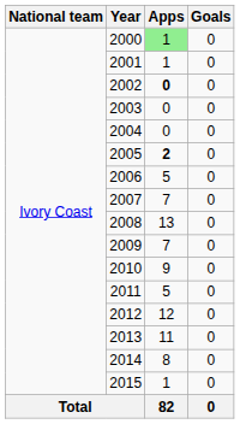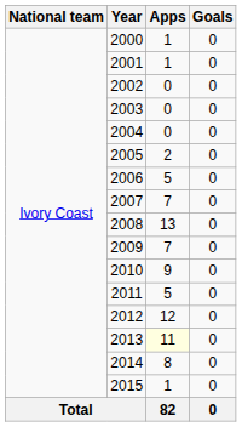 <table class="wikitable" style="text-align:center">
 <tr>
 <th>National team</th>
 <th>Year</th>
 <th>Apps</th>
 <th>Goals</th>
 </tr>
 <tr>
 <td rowspan="16"><a href='#'>Ivory Coast</a></td>
 <td>2000</td>
-<td style="background: lightgreen;">1</td>
+<td>1</td>
 <td>0</td>
 </tr>
 <tr>
 <td>2001</td>
 <td>1</td>
 <td>0</td>
 </tr>
 <tr>
 <td>2002</td>
-<td><strong>0</strong></td>
+<td>0</td>
 <td>0</td>
 </tr>
 <tr>
 <td>2003</td>
 <td>0</td>
 <td>0</td>
 </tr>
 <tr>
 <td>2004</td>
 <td>0</td>
 <td>0</td>
 </tr>
 <tr>
 <td>2005</td>
-<td><strong>2</strong></td>
+<td>2</td>
 <td>0</td>
 </tr>
 <tr>
 <td>2006</td>
 <td>5</td>
 <td>0</td>
 </tr>
 <tr>
 <td>2007</td>
 <td>7</td>
 <td>0</td>
 </tr>
 <tr>
 <td>2008</td>
 <td>13</td>
 <td>0</td>
 </tr>
 <tr>
 <td>2009</td>
 <td>7</td>
 <td>0</td>
 </tr>
 <tr>
 <td>2010</td>
 <td>9</td>
 <td>0</td>
 </tr>
 <tr>
 <td>2011</td>
 <td>5</td>
 <td>0</td>
 </tr>
 <tr>
 <td>2012</td>
 <td>12</td>
 <td>0</td>
 </tr>
 <tr>
 <td>2013</td>
-<td>11</td>
+<td style="background: lightyellow;">11</td>
 <td>0</td>
 </tr>
 <tr>
 <td>2014</td>
 <td>8</td>
 <td>0</td>
 </tr>
 <tr>
 <td>2015</td>
 <td>1</td>
 <td>0</td>
 </tr>
 <tr>
 <th colspan="2">Total</th>
 <th>82</th>
 <th>0</th>
 </tr>
 </table>
